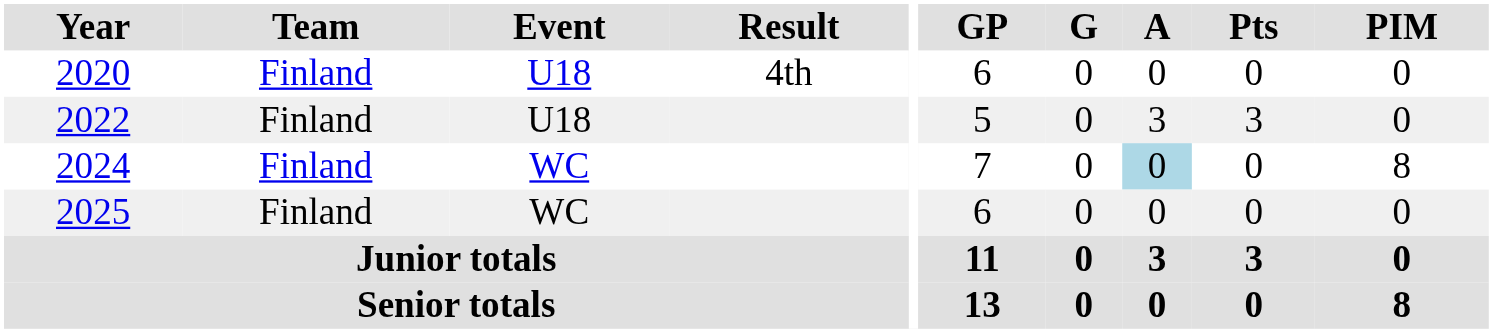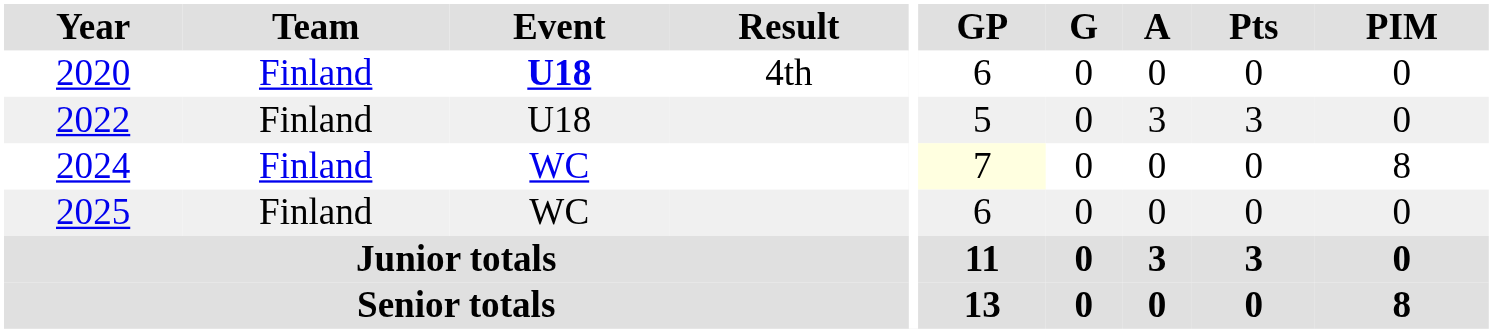 <table border="0" cellpadding="1" cellspacing="0" ID="Table3" style="text-align:center; width:40em">
 <tr ALIGN="center" bgcolor="#e0e0e0">
 <th>Year</th>
 <th>Team</th>
 <th>Event</th>
 <th>Result</th>
 <th rowspan="99" bgcolor="#ffffff"></th>
 <th>GP</th>
 <th>G</th>
 <th>A</th>
 <th>Pts</th>
 <th>PIM</th>
 </tr>
 <tr>
 <td><a href='#'>2020</a></td>
 <td><a href='#'>Finland</a></td>
-<td><a href='#'>U18</a></td>
+<td><strong><a href='#'>U18</a></strong></td>
 <td>4th</td>
 <td>6</td>
 <td>0</td>
 <td>0</td>
 <td>0</td>
 <td>0</td>
 </tr>
 <tr bgcolor="#f0f0f0">
 <td><a href='#'>2022</a></td>
 <td>Finland</td>
 <td>U18</td>
 <td></td>
 <td>5</td>
 <td>0</td>
 <td>3</td>
 <td>3</td>
 <td>0</td>
 </tr>
 <tr>
 <td><a href='#'>2024</a></td>
 <td><a href='#'>Finland</a></td>
 <td><a href='#'>WC</a></td>
 <td></td>
-<td>7</td>
+<td style="background: lightyellow;">7</td>
 <td>0</td>
-<td style="background: lightblue;">0</td>
+<td>0</td>
 <td>0</td>
 <td>8</td>
 </tr>
 <tr bgcolor="#f0f0f0">
 <td><a href='#'>2025</a></td>
 <td>Finland</td>
 <td>WC</td>
 <td></td>
 <td>6</td>
 <td>0</td>
 <td>0</td>
 <td>0</td>
 <td>0</td>
 </tr>
 <tr bgcolor="#e0e0e0">
 <th colspan="4">Junior totals</th>
 <th>11</th>
 <th>0</th>
 <th>3</th>
 <th>3</th>
 <th>0</th>
 </tr>
 <tr bgcolor="#e0e0e0">
 <th colspan="4">Senior totals</th>
 <th>13</th>
 <th>0</th>
 <th>0</th>
 <th>0</th>
 <th>8</th>
 </tr>
 </table>
